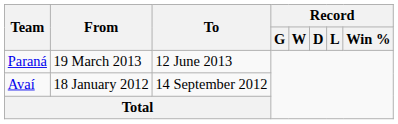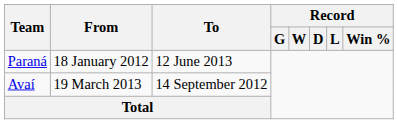 <table class="wikitable" style="text-align: center">
 <tr>
 <th rowspan="2">Team</th>
 <th rowspan="2">From</th>
 <th rowspan="2">To</th>
 <th colspan="5">Record</th>
 </tr>
 <tr>
 <th>G</th>
 <th>W</th>
 <th>D</th>
 <th>L</th>
 <th>Win %</th>
 </tr>
 <tr>
 <td align=left><a href='#'>Paraná</a></td>
-<td align=left>19 March 2013</td>
+<td align=left>18 January 2012</td>
 <td align=left>12 June 2013<br></td>
 </tr>
 <tr>
 <td align=left><a href='#'>Avaí</a></td>
-<td align=left>18 January 2012</td>
+<td align=left>19 March 2013</td>
 <td align=left>14 September 2012<br></td>
 </tr>
 <tr>
 <th colspan="3">Total<br></th>
 </tr>
 </table>
